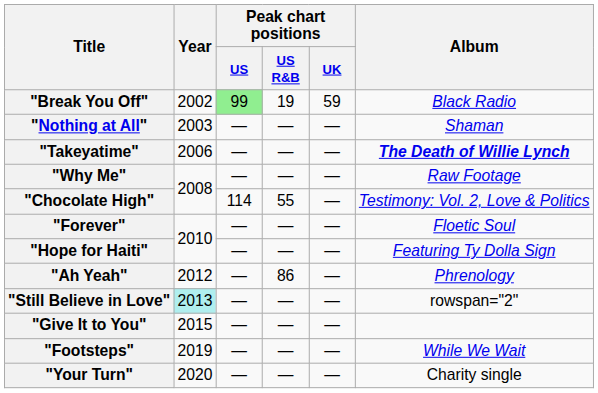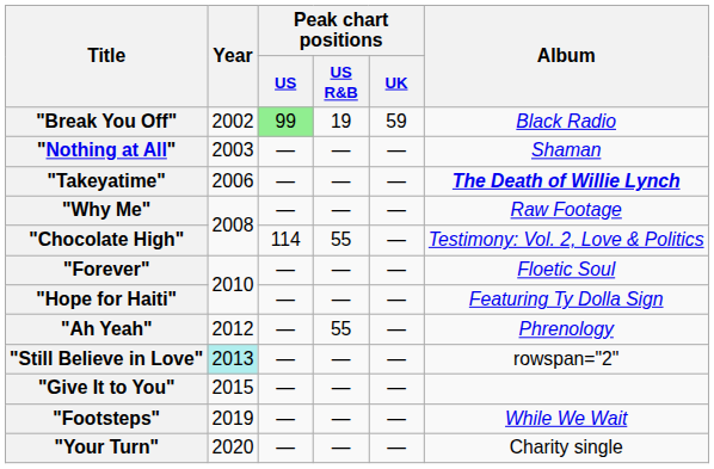 <table class="wikitable plainrowheaders" style="text-align:center">
 <tr>
 <th scope="col" rowspan="2">Title</th>
 <th scope="col" rowspan="2">Year</th>
 <th scope="col" colspan="3">Peak chart positions</th>
 <th scope="col" rowspan="2">Album</th>
 </tr>
 <tr>
 <th width="40"><small><a href='#'>US</a></small><br></th>
 <th width="40"><small><a href='#'>US R&B</a></small><br></th>
 <th width="40"><small><a href='#'>UK</a></small><br></th>
 </tr>
 <tr>
 <th scope="row">"Break You Off"<br></th>
 <td>2002</td>
 <td style="background: lightgreen;">99</td>
 <td>19</td>
 <td>59</td>
 <td><em><a href='#'>Black Radio</a></em></td>
 </tr>
 <tr>
 <th scope="row">"<a href='#'>Nothing at All</a>"<br></th>
 <td>2003</td>
 <td>—</td>
 <td>—</td>
 <td>—</td>
 <td><em><a href='#'>Shaman</a></em></td>
 </tr>
 <tr>
 <th scope="row">"Takeyatime"<br></th>
 <td>2006</td>
 <td>—</td>
 <td>—</td>
 <td>—</td>
 <td><strong><em><a href='#'>The Death of Willie Lynch</a></em></strong></td>
 </tr>
 <tr>
 <th scope="row">"Why Me"<br></th>
 <td rowspan="2">2008</td>
 <td>—</td>
 <td>—</td>
 <td>—</td>
 <td><em><a href='#'>Raw Footage</a></em></td>
 </tr>
 <tr>
 <th scope="row">"Chocolate High"<br></th>
 <td>114</td>
 <td>55</td>
 <td>—</td>
 <td><em><a href='#'>Testimony: Vol. 2, Love & Politics</a></em></td>
 </tr>
 <tr>
 <th scope="row">"Forever"<br></th>
 <td rowspan="2">2010</td>
 <td>—</td>
 <td>—</td>
 <td>—</td>
 <td><em><a href='#'>Floetic Soul</a></em></td>
 </tr>
 <tr>
 <th scope="row">"Hope for Haiti"<br></th>
 <td>—</td>
 <td>—</td>
 <td>—</td>
 <td><em><a href='#'>Featuring Ty Dolla Sign</a></em></td>
 </tr>
 <tr>
 <th scope="row">"Ah Yeah"<br></th>
 <td>2012</td>
 <td>—</td>
-<td>86</td>
+<td>55</td>
 <td>—</td>
 <td><em><a href='#'>Phrenology</a></em></td>
 </tr>
 <tr>
 <th scope="row">"Still Believe in Love"<br></th>
 <td style="background: paleturquoise;">2013</td>
 <td>—</td>
 <td>—</td>
 <td>—</td>
 <td>rowspan="2" </td>
 </tr>
 <tr>
 <th scope="row">"Give It to You"<br></th>
 <td>2015</td>
 <td>—</td>
 <td>—</td>
 <td>—</td>
 </tr>
 <tr>
 <th scope="row">"Footsteps"<br></th>
 <td>2019</td>
 <td>—</td>
 <td>—</td>
 <td>—</td>
 <td><em><a href='#'>While We Wait</a></em></td>
 </tr>
 <tr>
 <th scope="row">"Your Turn"<br></th>
 <td>2020</td>
 <td>—</td>
 <td>—</td>
 <td>—</td>
 <td>Charity single</td>
 </tr>
 </table>
